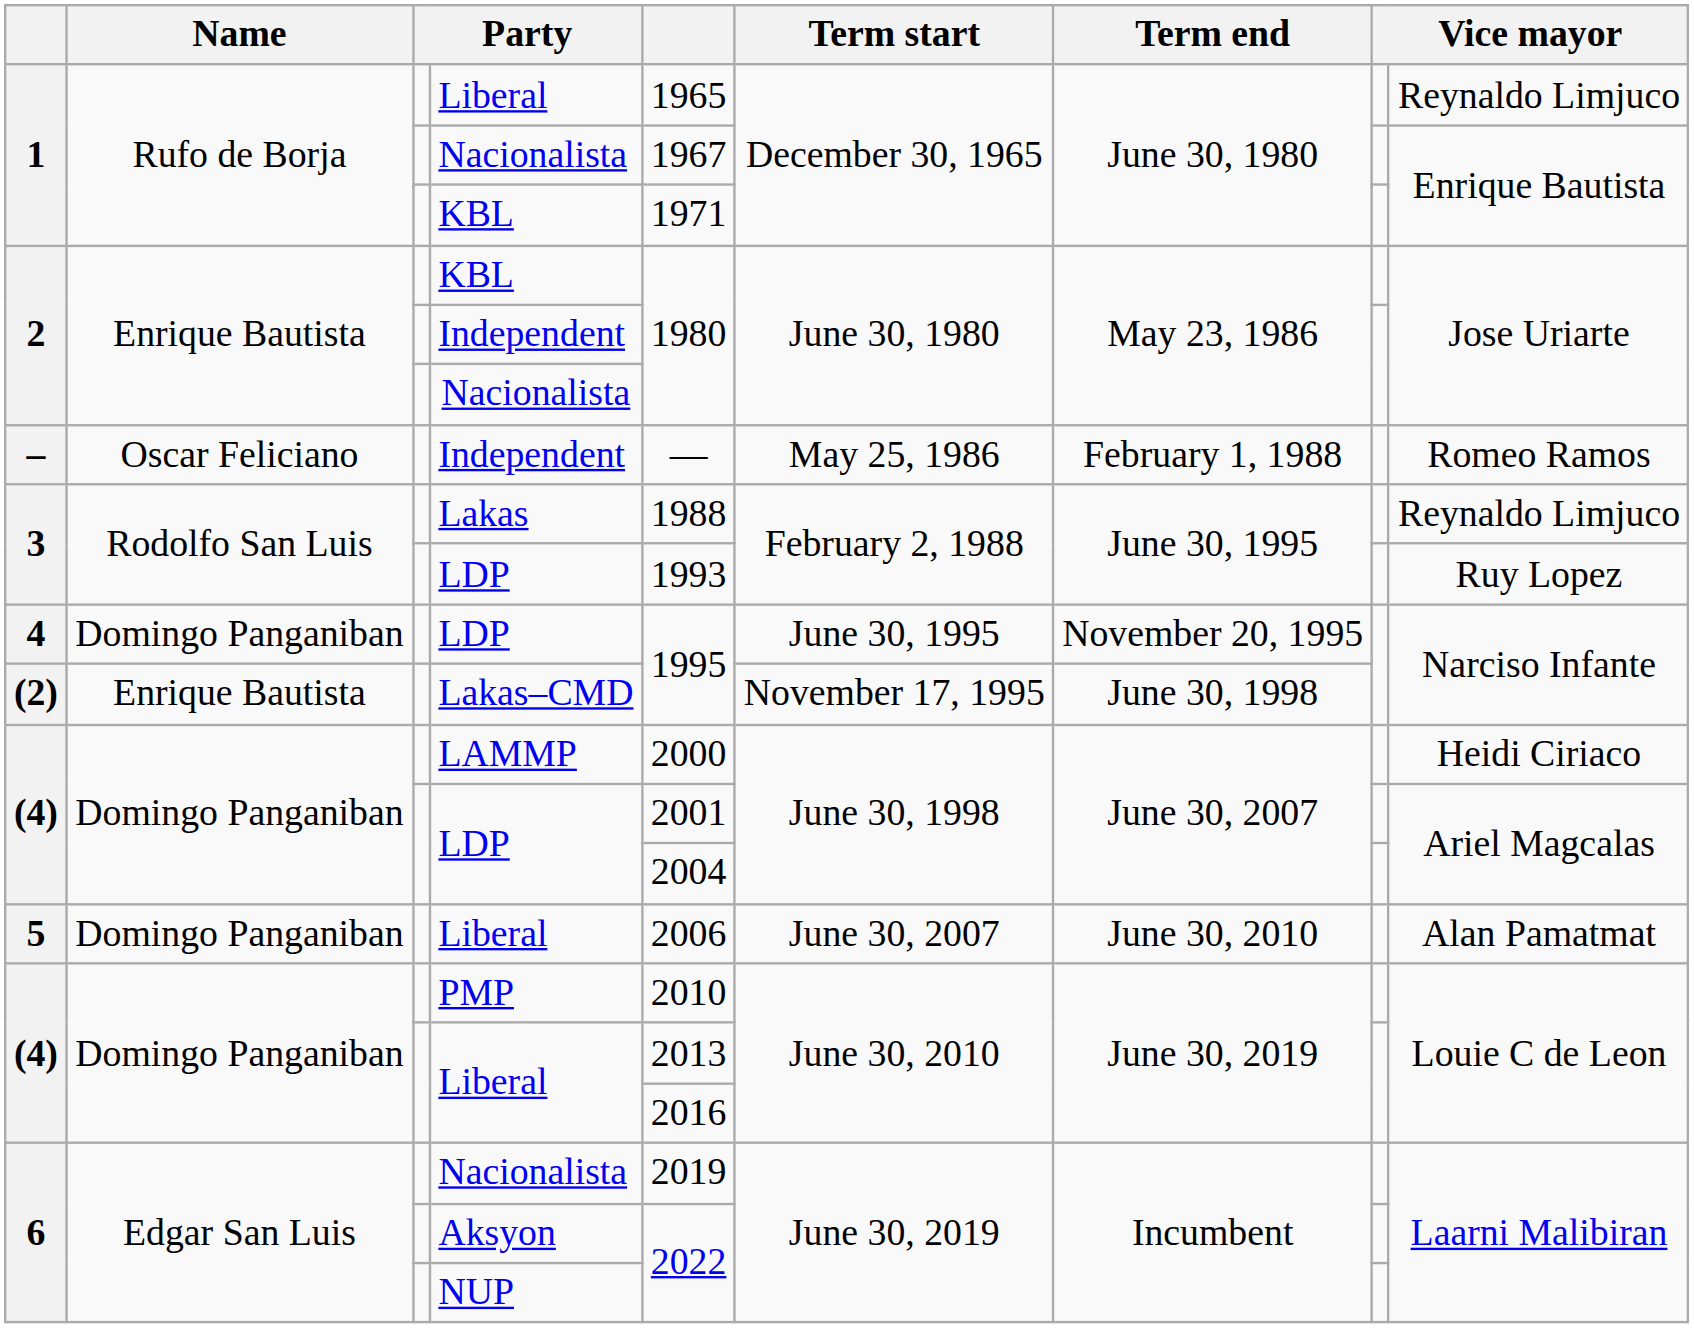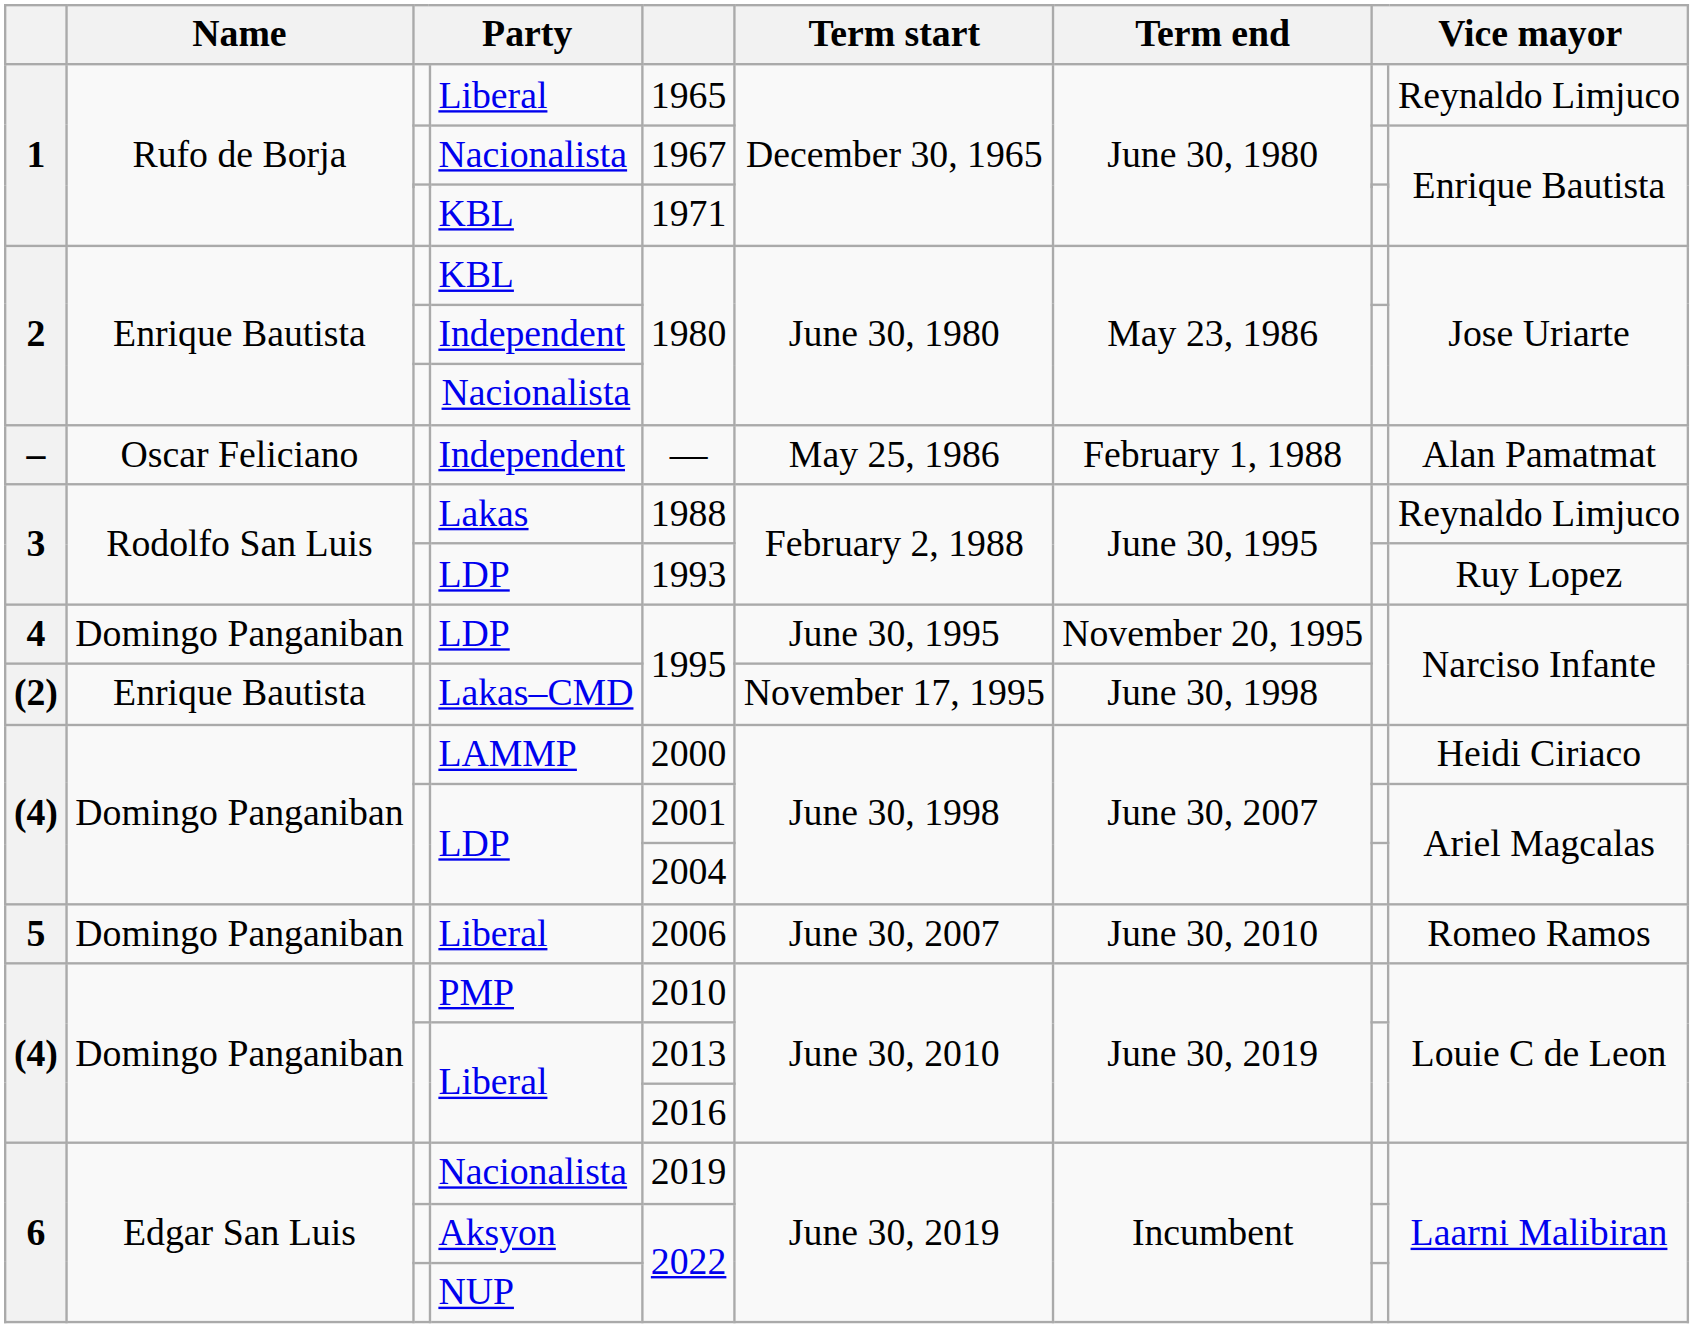 <table class="wikitable" style="text-align:center">
 <tr>
 <th></th>
 <th>Name</th>
 <th colspan="2">Party</th>
 <th></th>
 <th>Term start</th>
 <th>Term end</th>
 <th colspan="2">Vice mayor</th>
 </tr>
 <tr>
 <th rowspan="4"><strong>1</strong></th>
 <td rowspan="4">Rufo de Borja<br></td>
 <td style="background:"></td>
 <td align="left"><a href='#'>Liberal</a></td>
 <td>1965</td>
 <td rowspan="4">December 30, 1965</td>
 <td rowspan="4">June 30, 1980</td>
 <td style="background:"></td>
 <td>Reynaldo Limjuco</td>
 </tr>
 <tr>
 <td rowspan="2" style="background:"></td>
 <td rowspan="2" align="left"><a href='#'>Nacionalista</a></td>
 <td>1967</td>
 <td rowspan="2" style="background:"></td>
 <td rowspan="3">Enrique Bautista</td>
 </tr>
 <tr>
 <td rowspan="2">1971</td>
 </tr>
 <tr>
 <td style="background:"></td>
 <td align="left"><a href='#'>KBL</a></td>
 <td style="background:"></td>
 </tr>
 <tr>
 <th rowspan="3"><strong>2</strong></th>
 <td rowspan="3">Enrique Bautista<br></td>
 <td style="background:"></td>
 <td align="left"><a href='#'>KBL</a></td>
 <td rowspan="3">1980</td>
 <td rowspan="3">June 30, 1980</td>
 <td rowspan="3">May 23, 1986</td>
 <td style="background:"></td>
 <td rowspan="3">Jose Uriarte</td>
 </tr>
 <tr>
 <td style="background:"></td>
 <td align="left"><a href='#'>Independent</a></td>
 <td rowspan="2" style="background:"></td>
 </tr>
 <tr>
 <td style="background:"></td>
 <td><a href='#'>Nacionalista</a></td>
 </tr>
 <tr>
 <th><strong>–</strong></th>
 <td>Oscar Feliciano<br></td>
 <td style="background:"></td>
 <td align="left"><a href='#'>Independent</a></td>
 <td>—</td>
 <td>May 25, 1986</td>
 <td>February 1, 1988</td>
 <td style="background:"></td>
-<td>Romeo Ramos</td>
+<td>Alan Pamatmat</td>
 </tr>
 <tr>
 <th rowspan="2"><strong>3</strong></th>
 <td rowspan="2">Rodolfo San Luis<br></td>
 <td style="background:"></td>
 <td align="left"><a href='#'>Lakas</a></td>
 <td>1988</td>
 <td rowspan="2">February 2, 1988</td>
 <td rowspan="2">June 30, 1995</td>
 <td style="background:"></td>
 <td>Reynaldo Limjuco</td>
 </tr>
 <tr>
 <td style="background:"></td>
 <td align="left"><a href='#'>LDP</a></td>
 <td>1993</td>
 <td style="background:"></td>
 <td>Ruy Lopez</td>
 </tr>
 <tr>
 <th><strong>4</strong></th>
 <td>Domingo Panganiban<br></td>
 <td style="background:"></td>
 <td align="left"><a href='#'>LDP</a></td>
 <td rowspan="2">1995</td>
 <td>June 30, 1995</td>
 <td>November 20, 1995</td>
 <td rowspan="2" style="background:"></td>
 <td rowspan="2">Narciso Infante</td>
 </tr>
 <tr>
 <th><strong>(2)</strong></th>
 <td>Enrique Bautista<br></td>
 <td style="background:"></td>
 <td><a href='#'>Lakas–CMD</a></td>
 <td>November 17, 1995</td>
 <td>June 30, 1998</td>
 </tr>
 <tr>
 <th rowspan="3"><strong>(4)</strong></th>
 <td rowspan="3">Domingo Panganiban<br></td>
 <td style="background:"></td>
 <td align="left"><a href='#'>LAMMP</a></td>
 <td>2000</td>
 <td rowspan="3">June 30, 1998</td>
 <td rowspan="3">June 30, 2007</td>
 <td style="background:"></td>
 <td>Heidi Ciriaco</td>
 </tr>
 <tr>
 <td rowspan="2" style="background:"></td>
 <td align="left" rowspan="2"><a href='#'>LDP</a></td>
 <td>2001</td>
 <td style="background:"></td>
 <td rowspan="2">Ariel Magcalas</td>
 </tr>
 <tr>
 <td>2004</td>
 <td style="background:"></td>
 </tr>
 <tr>
 <th><strong>5</strong></th>
 <td>Domingo Panganiban<br></td>
 <td style="background:"></td>
 <td align="left"><a href='#'>Liberal</a></td>
 <td>2006</td>
 <td>June 30, 2007</td>
 <td>June 30, 2010</td>
 <td style="background:"></td>
-<td>Alan Pamatmat</td>
+<td>Romeo Ramos</td>
 </tr>
 <tr>
 <th rowspan="3"><strong>(4)</strong></th>
 <td rowspan="3">Domingo Panganiban<br></td>
 <td style="background:"></td>
 <td align="left"><a href='#'>PMP</a></td>
 <td>2010</td>
 <td rowspan="3">June 30, 2010</td>
 <td rowspan="3">June 30, 2019</td>
 <td style="background:"></td>
 <td rowspan="3">Louie C de Leon</td>
 </tr>
 <tr>
 <td rowspan="2" style="background:"></td>
 <td rowspan="2" align="left"><a href='#'>Liberal</a></td>
 <td>2013</td>
 <td rowspan="2" style="background:"></td>
 </tr>
 <tr>
 <td>2016</td>
 </tr>
 <tr>
 <th rowspan="3"><strong>6</strong></th>
 <td rowspan="3">Edgar San Luis<br></td>
 <td style="background:"></td>
 <td align="left"><a href='#'>Nacionalista</a></td>
 <td>2019</td>
 <td rowspan="3">June 30, 2019</td>
 <td rowspan="3">Incumbent</td>
 <td style="background:"></td>
 <td rowspan="3"><a href='#'>Laarni Malibiran</a></td>
 </tr>
 <tr>
 <td style="background:"></td>
 <td align="left"><a href='#'>Aksyon</a></td>
 <td rowspan="2"><a href='#'>2022</a></td>
 <td style="background:"></td>
 </tr>
 <tr>
 <td style="background:"></td>
 <td align="left"><a href='#'>NUP</a></td>
 <td style="background:"></td>
 </tr>
 </table>
